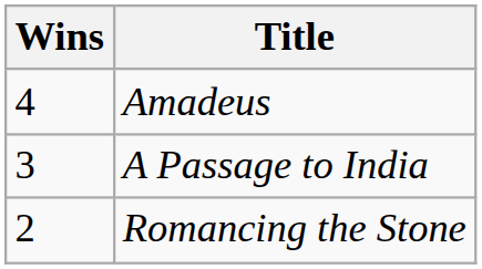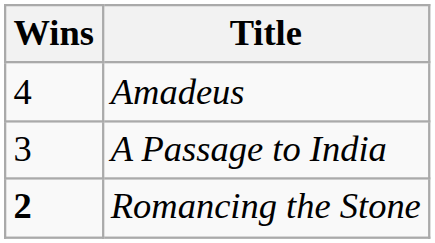 <table class="wikitable">
 <tr>
 <th>Wins</th>
 <th>Title</th>
 </tr>
 <tr>
 <td>4</td>
 <td><em>Amadeus</em></td>
 </tr>
 <tr>
 <td>3</td>
 <td><em>A Passage to India</em></td>
 </tr>
 <tr>
-<td>2</td>
+<td><strong>2</strong></td>
 <td><em>Romancing the Stone</em></td>
 </tr>
 </table>
